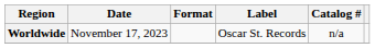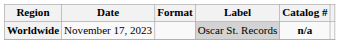 <table class="wikitable plainrowheaders">
 <tr>
 <th scope="col">Region</th>
 <th scope="col">Date</th>
 <th scope="col">Format</th>
 <th scope="col">Label</th>
 <th scope="col">Catalog #</th>
 <th scope="col"></th>
 </tr>
 <tr>
 <th scope="row">Worldwide</th>
 <td>November 17, 2023</td>
 <td></td>
-<td>Oscar St. Records</td>
-<td align="center">n/a</td>
+<td style="background: lightgrey;">Oscar St. Records</td>
+<td align="center"><strong>n/a</strong></td>
 <td></td>
 </tr>
 <tr>
 </tr>
 </table>
